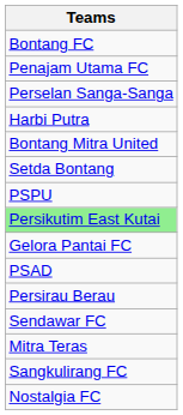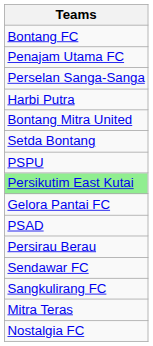 <table class="wikitable">
 <tr>
 <th><strong>Teams</strong></th>
 </tr>
 <tr>
 <td><a href='#'>Bontang FC</a></td>
 </tr>
 <tr>
 <td><a href='#'>Penajam Utama FC</a></td>
 </tr>
 <tr>
 <td><a href='#'>Perselan Sanga-Sanga</a></td>
 </tr>
 <tr>
 <td><a href='#'>Harbi Putra</a></td>
 </tr>
 <tr>
 <td><a href='#'>Bontang Mitra United</a></td>
 </tr>
 <tr>
 <td><a href='#'>Setda Bontang</a></td>
 </tr>
 <tr>
 <td><a href='#'>PSPU</a></td>
 </tr>
 <tr>
 <td style="background: lightgreen;"><a href='#'>Persikutim East Kutai</a></td>
 </tr>
 <tr>
 <td><a href='#'>Gelora Pantai FC</a></td>
 </tr>
 <tr>
 <td><a href='#'>PSAD</a></td>
 </tr>
 <tr>
 <td><a href='#'>Persirau Berau</a></td>
 </tr>
 <tr>
 <td><a href='#'>Sendawar FC</a></td>
 </tr>
 <tr>
-<td><a href='#'>Mitra Teras</a></td>
+<td><a href='#'>Sangkulirang FC</a></td>
 </tr>
 <tr>
-<td><a href='#'>Sangkulirang FC</a></td>
+<td><a href='#'>Mitra Teras</a></td>
 </tr>
 <tr>
 <td><a href='#'>Nostalgia FC</a></td>
 </tr>
 </table>
